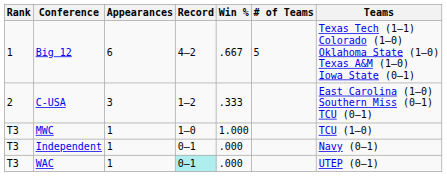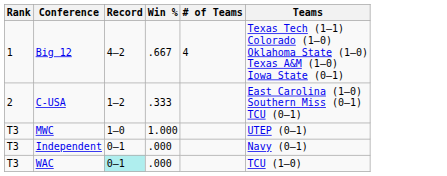 <table class="wikitable">
 <tr>
 <th>Rank</th>
 <th>Conference</th>
-<th>Appearances</th>
 <th>Record</th>
 <th>Win %</th>
 <th># of Teams</th>
 <th>Teams</th>
 </tr>
 <tr>
 <td>1</td>
 <td><a href='#'>Big 12</a></td>
-<td>6</td>
 <td>4–2</td>
 <td>.667</td>
-<td>5</td>
+<td>4</td>
 <td><a href='#'>Texas Tech</a> (1–1)<br><a href='#'>Colorado</a> (1–0)<br> <a href='#'>Oklahoma State</a> (1–0)<br> <a href='#'>Texas A&M</a> (1–0)<br> <a href='#'>Iowa State</a> (0–1)</td>
 </tr>
 <tr>
 <td>2</td>
 <td><a href='#'>C-USA</a></td>
-<td>3</td>
 <td>1–2</td>
 <td>.333</td>
 <td></td>
 <td><a href='#'>East Carolina</a> (1–0)<br><a href='#'>Southern Miss</a> (0–1)<br> <a href='#'>TCU</a> (0–1)</td>
 </tr>
 <tr>
 <td>T3</td>
 <td><a href='#'>MWC</a></td>
-<td>1</td>
 <td>1–0</td>
 <td>1.000</td>
 <td></td>
-<td><a href='#'>TCU</a> (1–0)</td>
+<td><a href='#'>UTEP</a> (0–1)</td>
 </tr>
 <tr>
 <td>T3</td>
 <td><a href='#'>Independent</a></td>
-<td>1</td>
 <td>0–1</td>
 <td>.000</td>
 <td></td>
 <td><a href='#'>Navy</a> (0–1)</td>
 </tr>
 <tr>
 <td>T3</td>
 <td><a href='#'>WAC</a></td>
-<td>1</td>
 <td style="background: paleturquoise;">0–1</td>
 <td>.000</td>
 <td></td>
-<td><a href='#'>UTEP</a> (0–1)</td>
+<td><a href='#'>TCU</a> (1–0)</td>
 </tr>
 </table>
